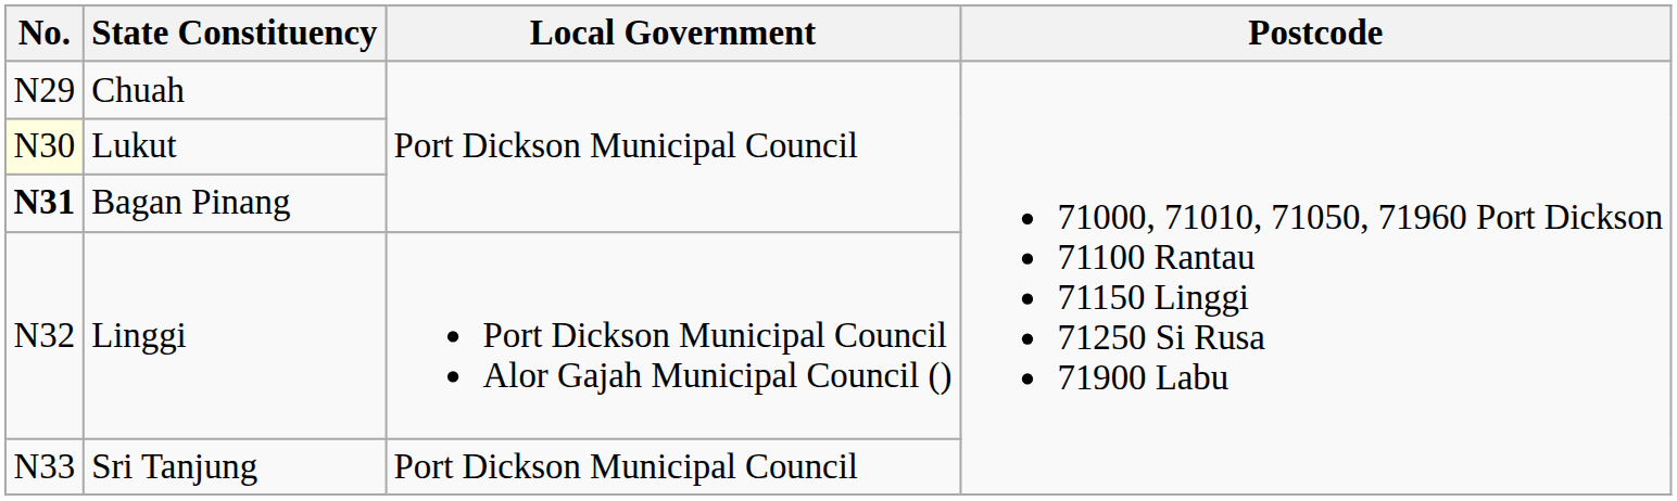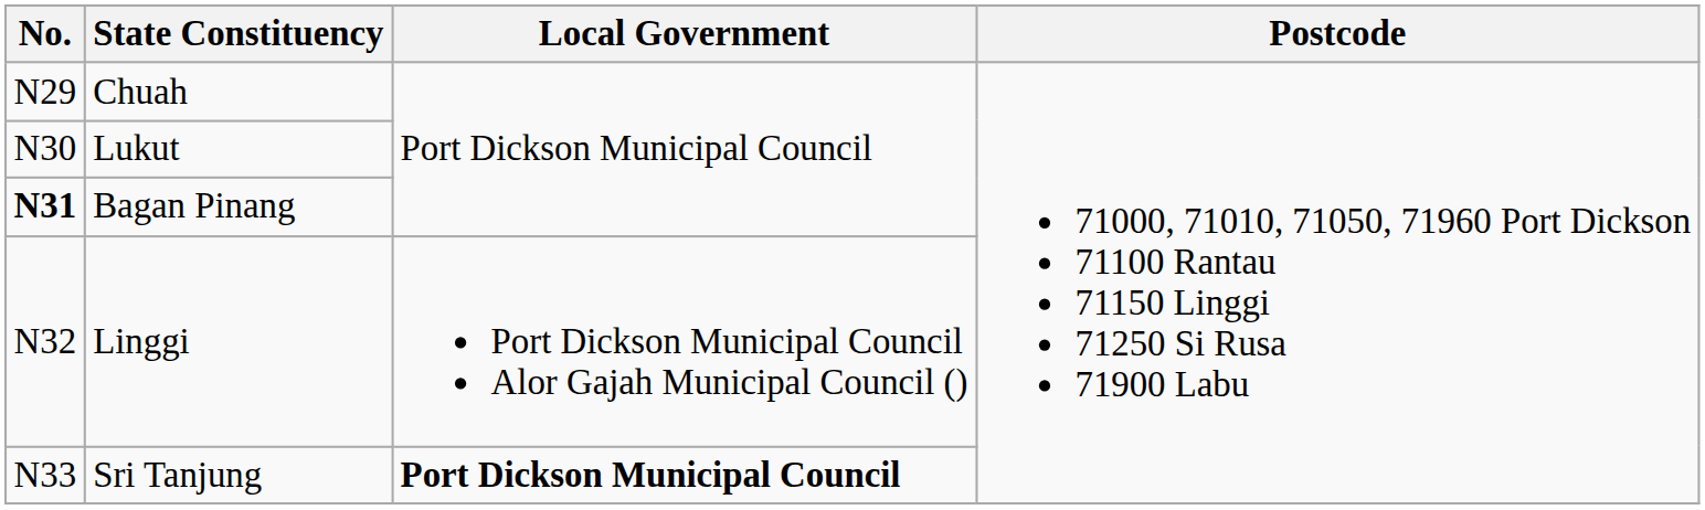 <table class="wikitable">
 <tr>
 <th>No.</th>
 <th>State Constituency</th>
 <th>Local Government</th>
 <th>Postcode</th>
 </tr>
 <tr>
 <td>N29</td>
 <td>Chuah</td>
 <td rowspan="3">Port Dickson Municipal Council</td>
 <td rowspan="5"><br><ul><li>71000, 71010, 71050, 71960 Port Dickson</li><li>71100 Rantau</li><li>71150 Linggi</li><li>71250 Si Rusa</li><li>71900 Labu</li></ul></td>
 </tr>
 <tr>
-<td style="background: lightyellow;">N30</td>
+<td>N30</td>
 <td>Lukut</td>
 </tr>
 <tr>
 <td><strong>N31</strong></td>
 <td>Bagan Pinang</td>
 </tr>
 <tr>
 <td>N32</td>
 <td>Linggi</td>
 <td><br><ul><li>Port Dickson Municipal Council</li><li>Alor Gajah Municipal Council ()</li></ul></td>
 </tr>
 <tr>
 <td>N33</td>
 <td>Sri Tanjung</td>
-<td>Port Dickson Municipal Council</td>
+<td><strong>Port Dickson Municipal Council</strong></td>
 </tr>
 </table>
